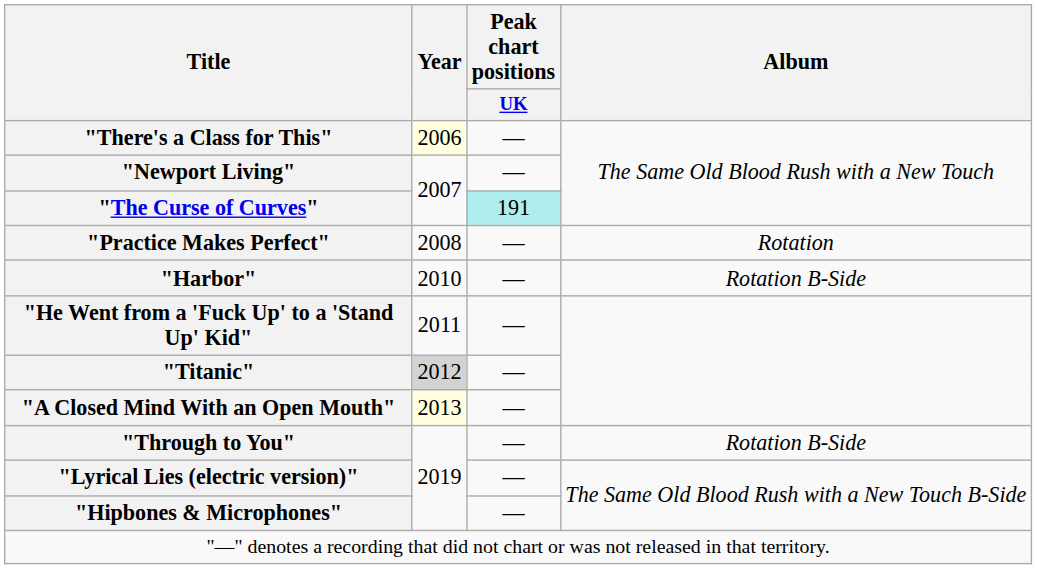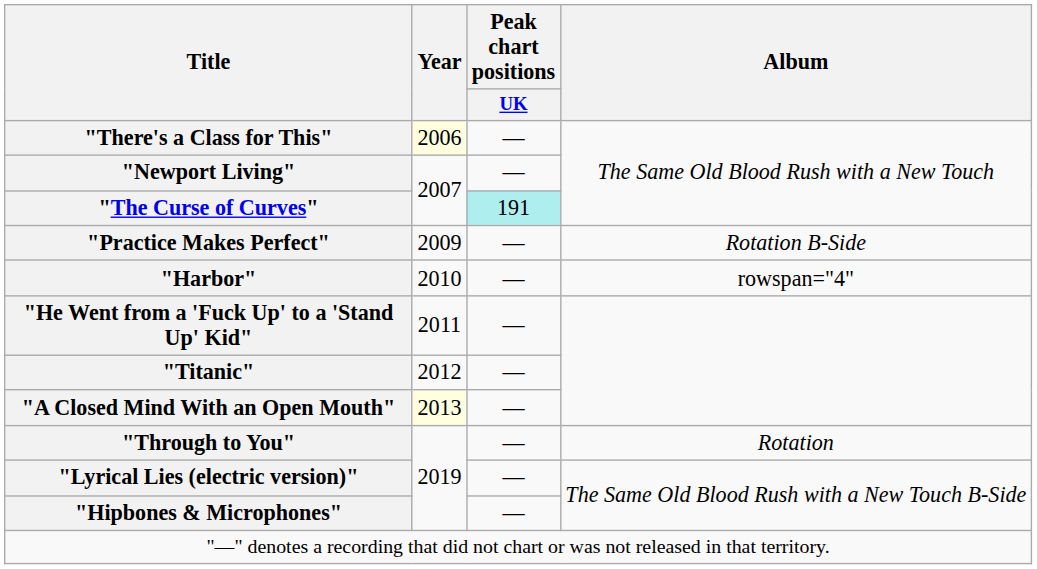 <table class="wikitable plainrowheaders" style="text-align:center;">
 <tr>
 <th scope="col" rowspan="2" style="width:18em;">Title</th>
 <th scope="col" rowspan="2">Year</th>
 <th scope="col">Peak chart positions</th>
 <th scope="col" rowspan="2">Album</th>
 </tr>
 <tr>
 <th scope="col" style="width:3em;font-size:85%;"><a href='#'>UK</a><br></th>
 </tr>
 <tr>
 <th scope="row">"There's a Class for This"</th>
 <td style="background: lightyellow;">2006</td>
 <td>—</td>
 <td rowspan="3"><em>The Same Old Blood Rush with a New Touch</em></td>
 </tr>
 <tr>
 <th scope="row">"Newport Living"</th>
 <td rowspan="2">2007</td>
 <td>—</td>
 </tr>
 <tr>
 <th scope="row">"<a href='#'>The Curse of Curves</a>"</th>
 <td style="background: paleturquoise;">191</td>
 </tr>
 <tr>
 <th scope="row">"Practice Makes Perfect"</th>
-<td>2008</td>
+<td>2009</td>
 <td>—</td>
-<td><em>Rotation</em></td>
+<td><em>Rotation B-Side</em></td>
 </tr>
 <tr>
 <th scope="row">"Harbor"</th>
 <td>2010</td>
 <td>—</td>
-<td><em>Rotation B-Side</em></td>
+<td>rowspan="4" </td>
 </tr>
 <tr>
 <th scope="row">"He Went from a 'Fuck Up' to a 'Stand Up' Kid"</th>
 <td>2011</td>
 <td>—</td>
 </tr>
 <tr>
 <th scope="row">"Titanic"</th>
-<td style="background: lightgrey;">2012</td>
+<td>2012</td>
 <td>—</td>
 </tr>
 <tr>
 <th scope="row">"A Closed Mind With an Open Mouth"</th>
 <td style="background: lightyellow;">2013</td>
 <td>—</td>
 </tr>
 <tr>
 <th scope="row">"Through to You"</th>
 <td rowspan="3">2019</td>
 <td>—</td>
-<td><em>Rotation B-Side</em></td>
+<td><em>Rotation</em></td>
 </tr>
 <tr>
 <th scope="row">"Lyrical Lies (electric version)"</th>
 <td>—</td>
 <td rowspan="2"><em>The Same Old Blood Rush with a New Touch B-Side</em></td>
 </tr>
 <tr>
 <th scope="row">"Hipbones & Microphones"</th>
 <td>—</td>
 </tr>
 <tr>
 <td colspan="6" style="font-size:90%">"—" denotes a recording that did not chart or was not released in that territory.</td>
 </tr>
 </table>
